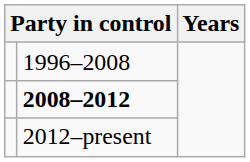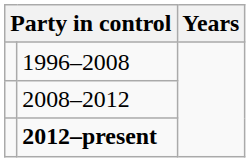 <table class="wikitable">
 <tr>
 <th colspan="2">Party in control</th>
 <th>Years</th>
 </tr>
 <tr>
 <td></td>
 <td>1996–2008</td>
 </tr>
 <tr>
 <td></td>
-<td><strong>2008–2012</strong></td>
+<td>2008–2012</td>
 </tr>
 <tr>
 <td></td>
-<td>2012–present</td>
+<td><strong>2012–present</strong></td>
 </tr>
 </table>
